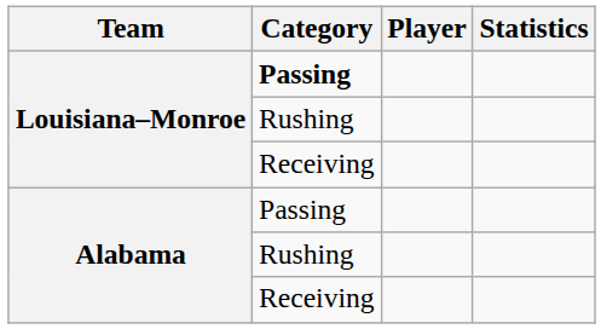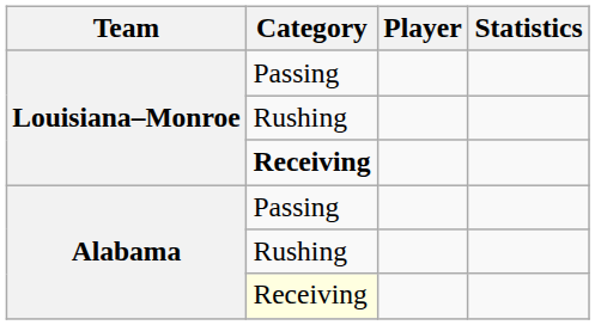 <table class="wikitable" style="float:right">
 <tr>
 <th>Team</th>
 <th>Category</th>
 <th>Player</th>
 <th>Statistics</th>
 </tr>
 <tr>
 <th rowspan=3>Louisiana–Monroe</th>
-<td><strong>Passing</strong></td>
+<td>Passing</td>
 <td></td>
 <td></td>
 </tr>
 <tr>
 <td>Rushing</td>
 <td></td>
 <td></td>
 </tr>
 <tr>
-<td>Receiving</td>
+<td><strong>Receiving</strong></td>
 <td></td>
 <td></td>
 </tr>
 <tr>
 <th rowspan=3>Alabama</th>
 <td>Passing</td>
 <td></td>
 <td></td>
 </tr>
 <tr>
 <td>Rushing</td>
 <td></td>
 <td></td>
 </tr>
 <tr>
-<td>Receiving</td>
+<td style="background: lightyellow;">Receiving</td>
 <td></td>
 <td></td>
 </tr>
 </table>
